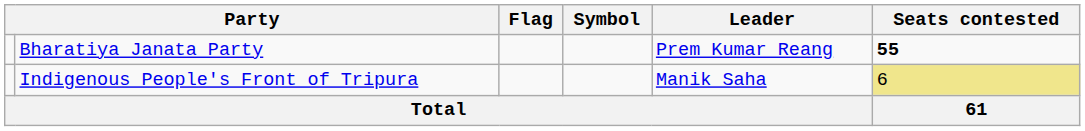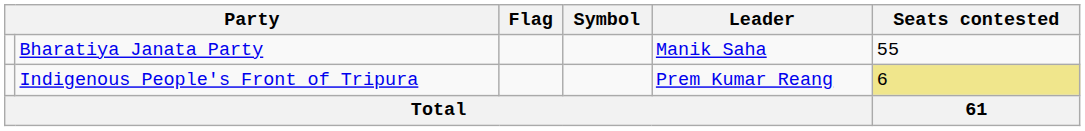 <table class="wikitable"  width="60%">
 <tr>
 <th colspan="2">Party</th>
 <th>Flag</th>
 <th>Symbol</th>
 <th>Leader</th>
 <th>Seats contested</th>
 </tr>
 <tr>
 <td style="text-align:center; background:"></td>
 <td><a href='#'>Bharatiya Janata Party</a></td>
 <td></td>
 <td></td>
-<td><a href='#'>Prem Kumar Reang</a></td>
-<td><strong>55</strong></td>
+<td><a href='#'>Manik Saha</a></td>
+<td>55</td>
 </tr>
 <tr>
 <td style="text-align:Center; background:"></td>
 <td><a href='#'>Indigenous People's Front of Tripura</a></td>
 <td></td>
 <td></td>
-<td><a href='#'>Manik Saha</a></td>
+<td><a href='#'>Prem Kumar Reang</a></td>
 <td style="background: khaki;">6</td>
 </tr>
 <tr>
 <th colspan="5">Total</th>
 <th>61</th>
 </tr>
 </table>
